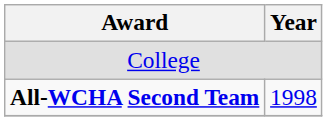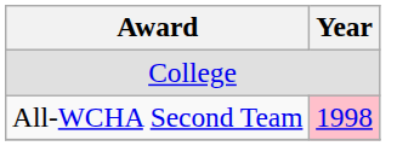 <table class="wikitable">
 <tr>
 <th>Award</th>
 <th>Year</th>
 </tr>
 <tr ALIGN="center" bgcolor="#e0e0e0">
 <td colspan="3"><a href='#'>College</a></td>
 </tr>
 <tr>
-<td><strong>All-<a href='#'>WCHA</a> <a href='#'>Second Team</a></strong></td>
-<td><a href='#'>1998</a></td>
+<td>All-<a href='#'>WCHA</a> <a href='#'>Second Team</a></td>
+<td style="background: pink;"><a href='#'>1998</a></td>
 </tr>
 <tr>
 </tr>
 </table>
